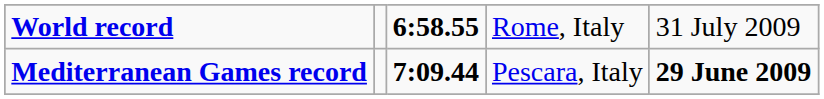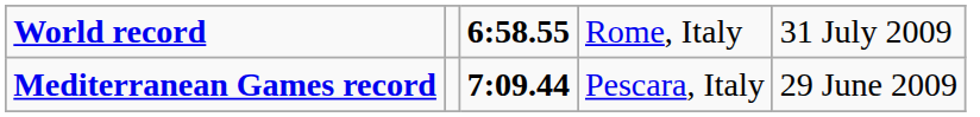 <table class="wikitable">
 <tr>
 <td><strong><a href='#'>World record</a></strong></td>
 <td></td>
 <td><strong>6:58.55</strong></td>
 <td><a href='#'>Rome</a>, Italy</td>
 <td>31 July 2009</td>
 </tr>
 <tr>
 <td><strong><a href='#'>Mediterranean Games record</a></strong></td>
 <td></td>
 <td><strong>7:09.44</strong></td>
 <td><a href='#'>Pescara</a>, Italy</td>
-<td><strong>29 June 2009</strong></td>
+<td>29 June 2009</td>
 </tr>
 </table>
